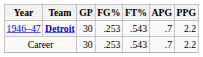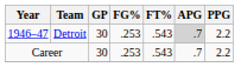 <table class="wikitable sortable" style="font-size:95%; text-align:right;">
 <tr>
 <th>Year</th>
 <th>Team</th>
 <th>GP</th>
 <th>FG%</th>
 <th>FT%</th>
 <th>APG</th>
 <th>PPG</th>
 </tr>
 <tr>
 <td style="text-align:left;"><a href='#'>1946–47</a></td>
-<td style="text-align:left;"><strong><a href='#'>Detroit</a></strong></td>
+<td style="text-align:left;"><a href='#'>Detroit</a></td>
 <td>30</td>
 <td>.253</td>
 <td>.543</td>
-<td>.7</td>
+<td style="background: lightgrey;">.7</td>
 <td>2.2</td>
 </tr>
 <tr>
 <td style="text-align:center;" colspan="2">Career</td>
 <td>30</td>
 <td>.253</td>
 <td>.543</td>
 <td>.7</td>
 <td>2.2</td>
 </tr>
 <tr>
 </tr>
 </table>
